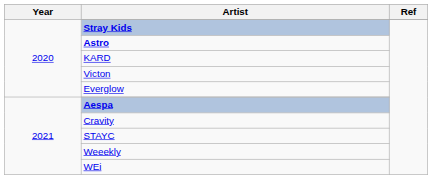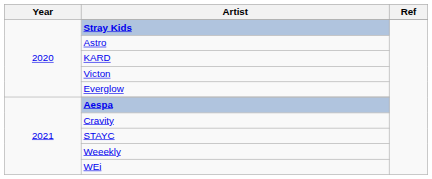 <table class="wikitable" style="width:55%;">
 <tr style="background:#bebebe;">
 <th style="width:10%;">Year</th>
 <th style="width:40%;">Artist</th>
 <th style="width:5%;">Ref</th>
 </tr>
 <tr>
 <td rowspan="6" align="center"><a href='#'>2020</a></td>
 </tr>
 <tr>
 <td style="background:#B0C4DE"><strong><a href='#'>Stray Kids</a> </strong></td>
 <td rowspan="12" align="center"></td>
 </tr>
 <tr>
-<td><strong><a href='#'>Astro</a></strong></td>
+<td><a href='#'>Astro</a></td>
 </tr>
 <tr>
 <td><a href='#'>KARD</a></td>
 </tr>
 <tr>
 <td><a href='#'>Victon</a></td>
 </tr>
 <tr>
 <td><a href='#'>Everglow</a></td>
 </tr>
 <tr>
 <td rowspan="6" align="center"><a href='#'>2021</a></td>
 </tr>
 <tr>
 <td style="background:#B0C4DE"><strong><a href='#'>Aespa</a></strong></td>
 </tr>
 <tr>
 <td><a href='#'>Cravity</a></td>
 </tr>
 <tr>
 <td><a href='#'>STAYC</a></td>
 </tr>
 <tr>
 <td><a href='#'>Weeekly</a></td>
 </tr>
 <tr>
 <td><a href='#'>WEi</a></td>
 </tr>
 </table>
